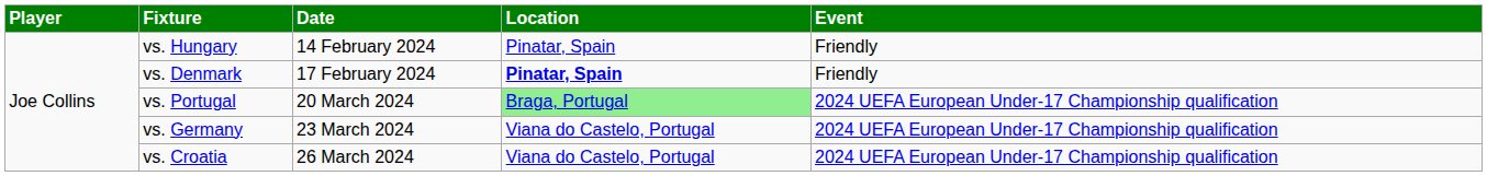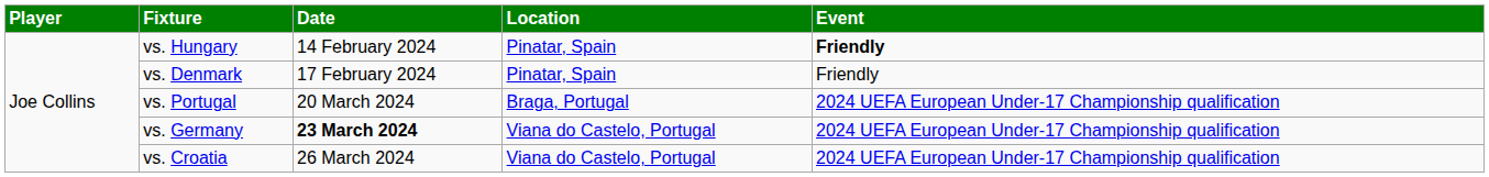 <table class="wikitable" style="width:85%;">
 <tr>
 <th style="background:green; color:white; text-align:left;">Player</th>
 <th style="background:green; color:white; text-align:left;">Fixture</th>
 <th style="background:green; color:white; text-align:left;">Date</th>
 <th style="background:green; color:white; text-align:left;">Location</th>
 <th style="background:green; color:white; text-align:left;">Event</th>
 </tr>
 <tr>
 <td rowspan="5">Joe Collins</td>
 <td>vs.  <a href='#'>Hungary</a></td>
 <td>14 February 2024</td>
 <td><a href='#'>Pinatar, Spain</a></td>
-<td>Friendly</td>
+<td><strong>Friendly</strong></td>
 </tr>
 <tr>
 <td>vs.  <a href='#'>Denmark</a></td>
 <td>17 February 2024</td>
-<td><strong><a href='#'>Pinatar, Spain</a></strong></td>
+<td><a href='#'>Pinatar, Spain</a></td>
 <td>Friendly</td>
 </tr>
 <tr>
 <td>vs.  <a href='#'>Portugal</a></td>
 <td>20 March 2024</td>
-<td style="background: lightgreen;"><a href='#'>Braga, Portugal</a></td>
+<td><a href='#'>Braga, Portugal</a></td>
 <td><a href='#'>2024 UEFA European Under-17 Championship qualification</a></td>
 </tr>
 <tr>
 <td>vs.  <a href='#'>Germany</a></td>
-<td>23 March 2024</td>
+<td><strong>23 March 2024</strong></td>
 <td><a href='#'>Viana do Castelo, Portugal</a></td>
 <td><a href='#'>2024 UEFA European Under-17 Championship qualification</a></td>
 </tr>
 <tr>
 <td>vs.  <a href='#'>Croatia</a></td>
 <td>26 March 2024</td>
 <td><a href='#'>Viana do Castelo, Portugal</a></td>
 <td><a href='#'>2024 UEFA European Under-17 Championship qualification</a></td>
 </tr>
 </table>
